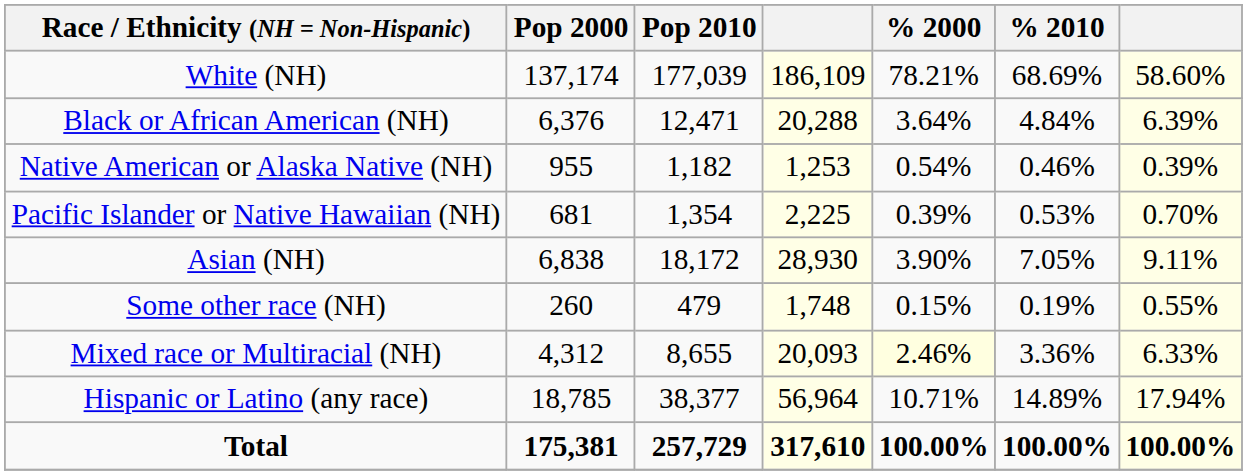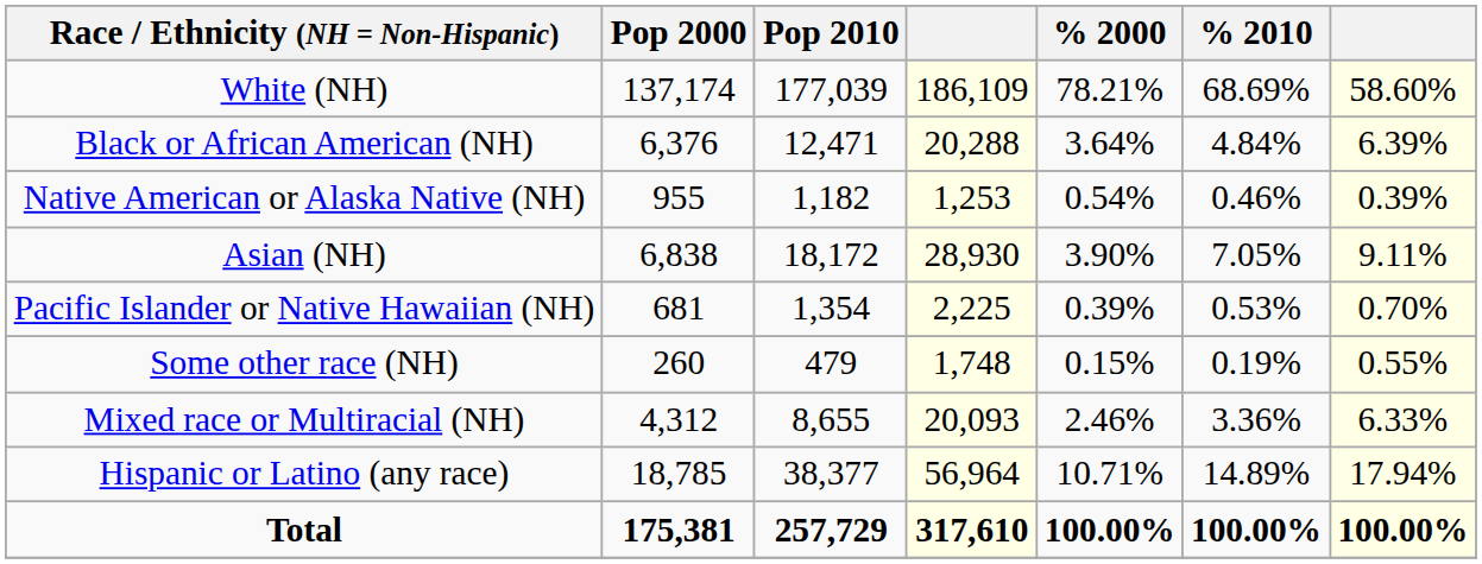 <table class="wikitable" style="text-align:center;">
 <tr>
 <th>Race / Ethnicity <small>(<em>NH = Non-Hispanic</em>)</small></th>
 <th>Pop 2000</th>
 <th>Pop 2010</th>
 <th></th>
 <th>% 2000</th>
 <th>% 2010</th>
 <th></th>
 </tr>
 <tr>
 <td><a href='#'>White</a> (NH)</td>
 <td>137,174</td>
 <td>177,039</td>
 <td style='background: #ffffe6;'>186,109</td>
 <td>78.21%</td>
 <td>68.69%</td>
 <td style='background: #ffffe6;'>58.60%</td>
 </tr>
 <tr>
 <td><a href='#'>Black or African American</a> (NH)</td>
 <td>6,376</td>
 <td>12,471</td>
 <td style='background: #ffffe6;'>20,288</td>
 <td>3.64%</td>
 <td>4.84%</td>
 <td style='background: #ffffe6;'>6.39%</td>
 </tr>
 <tr>
 <td><a href='#'>Native American</a> or <a href='#'>Alaska Native</a> (NH)</td>
 <td>955</td>
 <td>1,182</td>
 <td style='background: #ffffe6;'>1,253</td>
 <td>0.54%</td>
 <td>0.46%</td>
 <td style='background: #ffffe6;'>0.39%</td>
 </tr>
 <tr>
+<td><a href='#'>Asian</a> (NH)</td>
+<td>6,838</td>
+<td>18,172</td>
+<td style='background: #ffffe6;'>28,930</td>
+<td>3.90%</td>
+<td>7.05%</td>
+<td style='background: #ffffe6;'>9.11%</td>
+</tr>
+<tr>
 <td><a href='#'>Pacific Islander</a> or <a href='#'>Native Hawaiian</a> (NH)</td>
 <td>681</td>
 <td>1,354</td>
 <td style='background: #ffffe6;'>2,225</td>
 <td>0.39%</td>
 <td>0.53%</td>
 <td style='background: #ffffe6;'>0.70%</td>
-</tr>
-<tr>
-<td><a href='#'>Asian</a> (NH)</td>
-<td>6,838</td>
-<td>18,172</td>
-<td style='background: #ffffe6;'>28,930</td>
-<td>3.90%</td>
-<td>7.05%</td>
-<td style='background: #ffffe6;'>9.11%</td>
 </tr>
 <tr>
 <td><a href='#'>Some other race</a> (NH)</td>
 <td>260</td>
 <td>479</td>
 <td style='background: #ffffe6;'>1,748</td>
 <td>0.15%</td>
 <td>0.19%</td>
 <td style='background: #ffffe6;'>0.55%</td>
 </tr>
 <tr>
 <td><a href='#'>Mixed race or Multiracial</a> (NH)</td>
 <td>4,312</td>
 <td>8,655</td>
 <td style='background: #ffffe6;'>20,093</td>
-<td style="background: lightyellow;">2.46%</td>
+<td>2.46%</td>
 <td>3.36%</td>
 <td style='background: #ffffe6;'>6.33%</td>
 </tr>
 <tr>
 <td><a href='#'>Hispanic or Latino</a> (any race)</td>
 <td>18,785</td>
 <td>38,377</td>
 <td style='background: #ffffe6;'>56,964</td>
 <td>10.71%</td>
 <td>14.89%</td>
 <td style='background: #ffffe6;'>17.94%</td>
 </tr>
 <tr>
 <td><strong>Total</strong></td>
 <td><strong>175,381</strong></td>
 <td><strong>257,729</strong></td>
 <td style='background: #ffffe6;'><strong>317,610</strong></td>
 <td><strong>100.00%</strong></td>
 <td><strong>100.00%</strong></td>
 <td style='background: #ffffe6;'><strong>100.00%</strong></td>
 </tr>
 <tr>
 </tr>
 </table>
